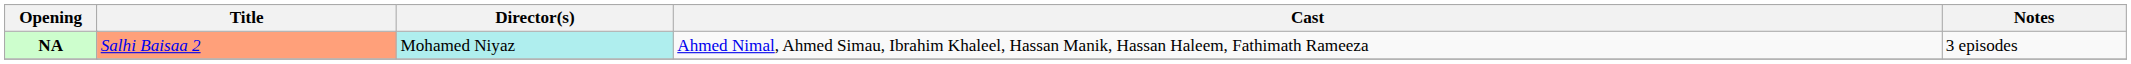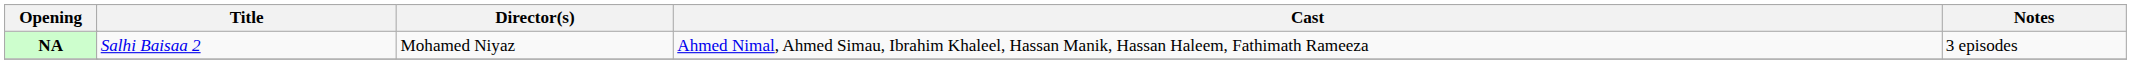 <table class="wikitable plainrowheaders" width="100%">
 <tr>
 <th scope="col" colspan="2" width=4%>Opening</th>
 <th scope="col" width=13%>Title</th>
 <th scope="col" width=12%>Director(s)</th>
 <th scope="col" width=55%>Cast</th>
 <th scope="col" width=8%>Notes</th>
 </tr>
 <tr>
 <td colspan="2" style="text-align:center; textcolor:#000; background:#cdfecd;"><strong>NA</strong></td>
-<td style="background: lightsalmon;"><em><a href='#'>Salhi Baisaa 2</a></em></td>
-<td style="background: paleturquoise;">Mohamed Niyaz</td>
+<td><em><a href='#'>Salhi Baisaa 2</a></em></td>
+<td>Mohamed Niyaz</td>
 <td><a href='#'>Ahmed Nimal</a>, Ahmed Simau, Ibrahim Khaleel, Hassan Manik, Hassan Haleem, Fathimath Rameeza</td>
 <td>3 episodes</td>
 </tr>
 <tr>
 </tr>
 </table>
